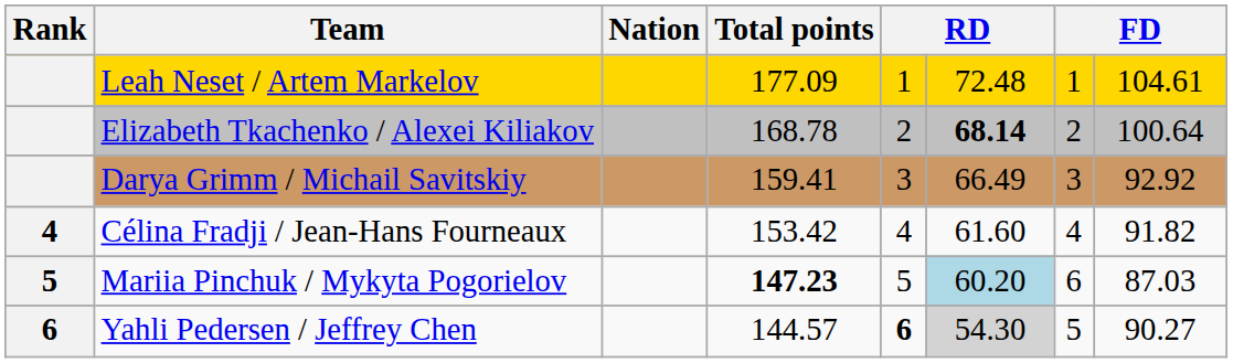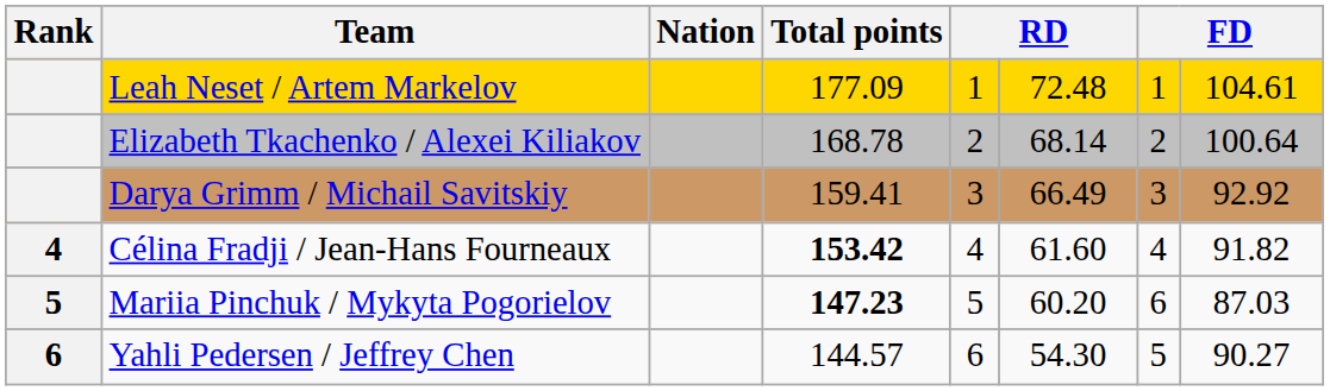 <table class="wikitable sortable" style="text-align:left">
 <tr>
 <th scope="col">Rank</th>
 <th scope="col">Team</th>
 <th scope="col">Nation</th>
 <th scope="col">Total points</th>
 <th scope="col" colspan="2" width="80px"><a href='#'>RD</a></th>
 <th scope="col" colspan="2" width="80px"><a href='#'>FD</a></th>
 </tr>
 <tr bgcolor="gold">
 <th scope="row"></th>
 <td><a href='#'>Leah Neset</a> / <a href='#'>Artem Markelov</a></td>
 <td></td>
 <td align="center">177.09</td>
 <td align="center">1</td>
 <td align="center">72.48</td>
 <td align="center">1</td>
 <td align="center">104.61</td>
 </tr>
 <tr bgcolor="silver">
 <th scope="row"></th>
 <td><a href='#'>Elizabeth Tkachenko</a> / <a href='#'>Alexei Kiliakov</a></td>
 <td></td>
 <td align="center">168.78</td>
 <td align="center">2</td>
-<td align="center"><strong>68.14</strong></td>
+<td align="center">68.14</td>
 <td align="center">2</td>
 <td align="center">100.64</td>
 </tr>
 <tr bgcolor="cc9966">
 <th scope="row"></th>
 <td><a href='#'>Darya Grimm</a> / <a href='#'>Michail Savitskiy</a></td>
 <td></td>
 <td align="center">159.41</td>
 <td align="center">3</td>
 <td align="center">66.49</td>
 <td align="center">3</td>
 <td align="center">92.92</td>
 </tr>
 <tr>
 <th scope="row">4</th>
 <td><a href='#'>Célina Fradji</a> / Jean-Hans Fourneaux</td>
 <td></td>
-<td align="center">153.42</td>
+<td align="center"><strong>153.42</strong></td>
 <td align="center">4</td>
 <td align="center">61.60</td>
 <td align="center">4</td>
 <td align="center">91.82</td>
 </tr>
 <tr>
 <th scope="row">5</th>
 <td><a href='#'>Mariia Pinchuk</a> / <a href='#'>Mykyta Pogorielov</a></td>
 <td></td>
 <td align="center"><strong>147.23</strong></td>
 <td align="center">5</td>
-<td align="center" style="background: lightblue;">60.20</td>
+<td align="center">60.20</td>
 <td align="center">6</td>
 <td align="center">87.03</td>
 </tr>
 <tr>
 <th scope="row">6</th>
 <td><a href='#'>Yahli Pedersen</a> / <a href='#'>Jeffrey Chen</a></td>
 <td></td>
 <td align="center">144.57</td>
-<td align="center"><strong>6</strong></td>
-<td align="center" style="background: lightgrey;">54.30</td>
+<td align="center">6</td>
+<td align="center">54.30</td>
 <td align="center">5</td>
 <td align="center">90.27</td>
 </tr>
 </table>
